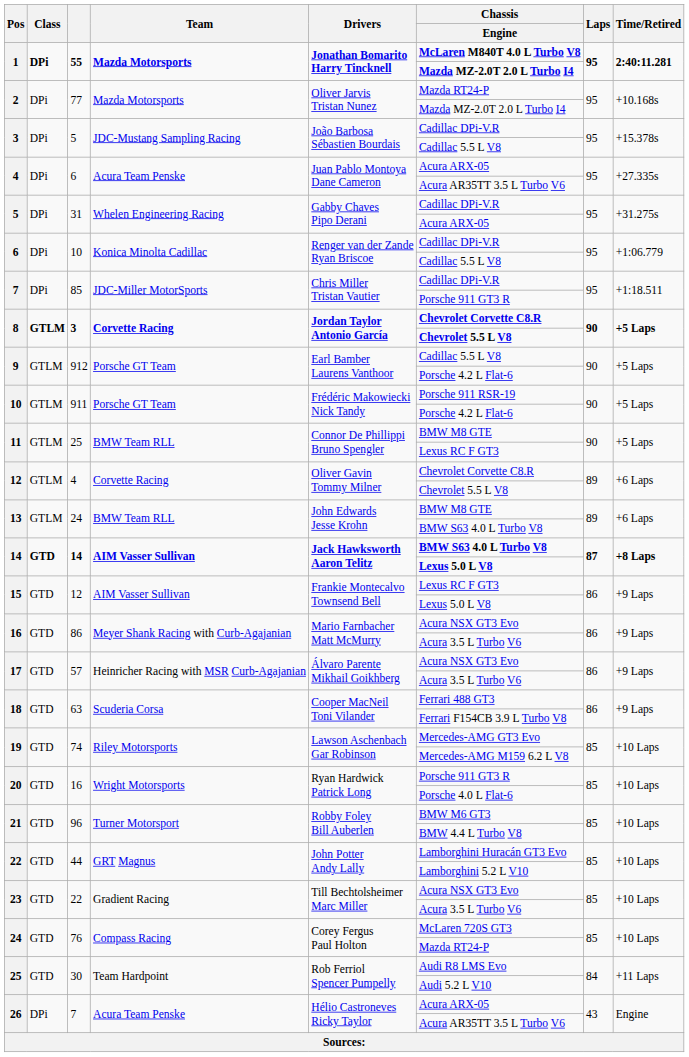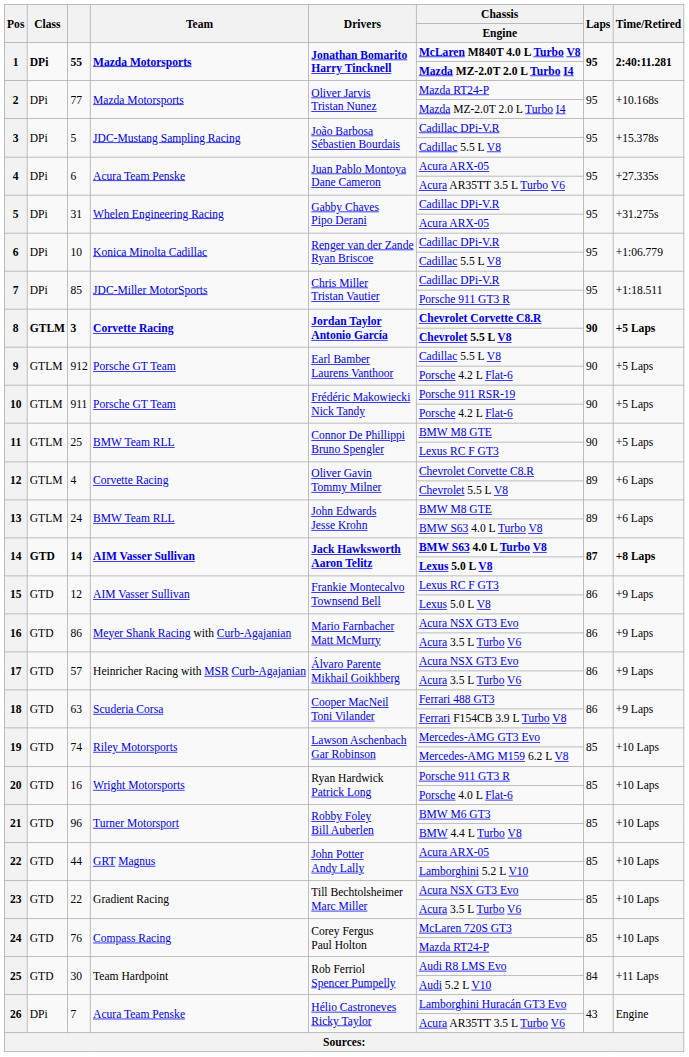 <table class="wikitable" style="font-size: 95%;">
 <tr>
 <th rowspan=2>Pos</th>
 <th rowspan=2>Class</th>
 <th rowspan=2></th>
 <th rowspan=2>Team</th>
 <th rowspan=2>Drivers</th>
 <th>Chassis</th>
 <th rowspan=2>Laps</th>
 <th rowspan=2>Time/Retired</th>
 </tr>
 <tr>
 <th>Engine</th>
 </tr>
 <tr style="font-weight:bold">
 <th rowspan=2>1</th>
 <td rowspan=2>DPi</td>
 <td rowspan=2>55</td>
 <td rowspan=2> <a href='#'>Mazda Motorsports</a></td>
 <td rowspan=2> <a href='#'>Jonathan Bomarito</a><br> <a href='#'>Harry Tincknell</a></td>
 <td><a href='#'>McLaren</a> M840T 4.0 L <a href='#'>Turbo</a> <a href='#'>V8</a></td>
 <td rowspan=2>95</td>
 <td rowspan=2>2:40:11.281</td>
 </tr>
 <tr style="font-weight:bold">
 <td><a href='#'>Mazda</a> MZ-2.0T 2.0 L <a href='#'>Turbo</a> <a href='#'>I4</a></td>
 </tr>
 <tr>
 <th rowspan=2>2</th>
 <td rowspan=2>DPi</td>
 <td rowspan=2>77</td>
 <td rowspan=2> <a href='#'>Mazda Motorsports</a></td>
 <td rowspan=2> <a href='#'>Oliver Jarvis</a><br> <a href='#'>Tristan Nunez</a></td>
 <td><a href='#'>Mazda RT24-P</a></td>
 <td rowspan=2>95</td>
 <td rowspan=2>+10.168s</td>
 </tr>
 <tr>
 <td><a href='#'>Mazda</a> MZ-2.0T 2.0 L <a href='#'>Turbo</a> <a href='#'>I4</a></td>
 </tr>
 <tr>
 <th rowspan=2>3</th>
 <td rowspan=2>DPi</td>
 <td rowspan=2>5</td>
 <td rowspan=2> <a href='#'>JDC-Mustang Sampling Racing</a></td>
 <td rowspan=2> <a href='#'>João Barbosa</a><br> <a href='#'>Sébastien Bourdais</a></td>
 <td><a href='#'>Cadillac DPi-V.R</a></td>
 <td rowspan=2>95</td>
 <td rowspan=2>+15.378s</td>
 </tr>
 <tr>
 <td><a href='#'>Cadillac</a> 5.5 L <a href='#'>V8</a></td>
 </tr>
 <tr>
 <th rowspan=2>4</th>
 <td rowspan=2>DPi</td>
 <td rowspan=2>6</td>
 <td rowspan=2> <a href='#'>Acura Team Penske</a></td>
 <td rowspan=2> <a href='#'>Juan Pablo Montoya</a><br> <a href='#'>Dane Cameron</a></td>
 <td><a href='#'>Acura ARX-05</a></td>
 <td rowspan=2>95</td>
 <td rowspan=2>+27.335s</td>
 </tr>
 <tr>
 <td><a href='#'>Acura</a> AR35TT 3.5 L <a href='#'>Turbo</a> <a href='#'>V6</a></td>
 </tr>
 <tr>
 <th rowspan=2>5</th>
 <td rowspan=2>DPi</td>
 <td rowspan=2>31</td>
 <td rowspan=2> <a href='#'>Whelen Engineering Racing</a></td>
 <td rowspan=2> <a href='#'>Gabby Chaves</a><br> <a href='#'>Pipo Derani</a></td>
 <td><a href='#'>Cadillac DPi-V.R</a></td>
 <td rowspan=2>95</td>
 <td rowspan=2>+31.275s</td>
 </tr>
 <tr>
 <td><a href='#'>Acura ARX-05</a></td>
 </tr>
 <tr>
 <th rowspan=2>6</th>
 <td rowspan=2>DPi</td>
 <td rowspan=2>10</td>
 <td rowspan=2> <a href='#'>Konica Minolta Cadillac</a></td>
 <td rowspan=2> <a href='#'>Renger van der Zande</a><br> <a href='#'>Ryan Briscoe</a></td>
 <td><a href='#'>Cadillac DPi-V.R</a></td>
 <td rowspan=2>95</td>
 <td rowspan=2>+1:06.779</td>
 </tr>
 <tr>
 <td><a href='#'>Cadillac</a> 5.5 L <a href='#'>V8</a></td>
 </tr>
 <tr>
 <th rowspan=2>7</th>
 <td rowspan=2>DPi</td>
 <td rowspan=2>85</td>
 <td rowspan=2> <a href='#'>JDC-Miller MotorSports</a></td>
 <td rowspan=2> <a href='#'>Chris Miller</a><br> <a href='#'>Tristan Vautier</a></td>
 <td><a href='#'>Cadillac DPi-V.R</a></td>
 <td rowspan=2>95</td>
 <td rowspan=2>+1:18.511</td>
 </tr>
 <tr>
 <td><a href='#'>Porsche 911 GT3 R</a></td>
 </tr>
 <tr style="font-weight:bold">
 <th rowspan=2>8</th>
 <td rowspan=2>GTLM</td>
 <td rowspan=2>3</td>
 <td rowspan=2> <a href='#'>Corvette Racing</a></td>
 <td rowspan=2> <a href='#'>Jordan Taylor</a><br> <a href='#'>Antonio García</a></td>
 <td><a href='#'>Chevrolet Corvette C8.R</a></td>
 <td rowspan=2>90</td>
 <td rowspan=2>+5 Laps</td>
 </tr>
 <tr style="font-weight:bold">
 <td><a href='#'>Chevrolet</a> 5.5 L <a href='#'>V8</a></td>
 </tr>
 <tr>
 <th rowspan=2>9</th>
 <td rowspan=2>GTLM</td>
 <td rowspan=2>912</td>
 <td rowspan=2> <a href='#'>Porsche GT Team</a></td>
 <td rowspan=2> <a href='#'>Earl Bamber</a><br> <a href='#'>Laurens Vanthoor</a></td>
 <td><a href='#'>Cadillac</a> 5.5 L <a href='#'>V8</a></td>
 <td rowspan=2>90</td>
 <td rowspan=2>+5 Laps</td>
 </tr>
 <tr>
 <td><a href='#'>Porsche</a> 4.2 L <a href='#'>Flat-6</a></td>
 </tr>
 <tr>
 <th rowspan=2>10</th>
 <td rowspan=2>GTLM</td>
 <td rowspan=2>911</td>
 <td rowspan=2> <a href='#'>Porsche GT Team</a></td>
 <td rowspan=2> <a href='#'>Frédéric Makowiecki</a><br> <a href='#'>Nick Tandy</a></td>
 <td><a href='#'>Porsche 911 RSR-19</a></td>
 <td rowspan=2>90</td>
 <td rowspan=2>+5 Laps</td>
 </tr>
 <tr>
 <td><a href='#'>Porsche</a> 4.2 L <a href='#'>Flat-6</a></td>
 </tr>
 <tr>
 <th rowspan=2>11</th>
 <td rowspan=2>GTLM</td>
 <td rowspan=2>25</td>
 <td rowspan=2> <a href='#'>BMW Team RLL</a></td>
 <td rowspan=2> <a href='#'>Connor De Phillippi</a><br> <a href='#'>Bruno Spengler</a></td>
 <td><a href='#'>BMW M8 GTE</a></td>
 <td rowspan=2>90</td>
 <td rowspan=2>+5 Laps</td>
 </tr>
 <tr>
 <td><a href='#'>Lexus RC F GT3</a></td>
 </tr>
 <tr>
 <th rowspan=2>12</th>
 <td rowspan=2>GTLM</td>
 <td rowspan=2>4</td>
 <td rowspan=2> <a href='#'>Corvette Racing</a></td>
 <td rowspan=2> <a href='#'>Oliver Gavin</a><br> <a href='#'>Tommy Milner</a></td>
 <td><a href='#'>Chevrolet Corvette C8.R</a></td>
 <td rowspan=2>89</td>
 <td rowspan=2>+6 Laps</td>
 </tr>
 <tr>
 <td><a href='#'>Chevrolet</a> 5.5 L <a href='#'>V8</a></td>
 </tr>
 <tr>
 <th rowspan=2>13</th>
 <td rowspan=2>GTLM</td>
 <td rowspan=2>24</td>
 <td rowspan=2> <a href='#'>BMW Team RLL</a></td>
 <td rowspan=2> <a href='#'>John Edwards</a><br> <a href='#'>Jesse Krohn</a></td>
 <td><a href='#'>BMW M8 GTE</a></td>
 <td rowspan=2>89</td>
 <td rowspan=2>+6 Laps</td>
 </tr>
 <tr>
 <td><a href='#'>BMW S63</a> 4.0 L <a href='#'>Turbo</a> <a href='#'>V8</a></td>
 </tr>
 <tr style="font-weight:bold">
 <th rowspan=2>14</th>
 <td rowspan=2>GTD</td>
 <td rowspan=2>14</td>
 <td rowspan=2> <a href='#'>AIM Vasser Sullivan</a></td>
 <td rowspan=2> <a href='#'>Jack Hawksworth</a><br> <a href='#'>Aaron Telitz</a></td>
 <td><a href='#'>BMW S63</a> 4.0 L <a href='#'>Turbo</a> <a href='#'>V8</a></td>
 <td rowspan=2>87</td>
 <td rowspan=2>+8 Laps</td>
 </tr>
 <tr style="font-weight:bold">
 <td><a href='#'>Lexus</a> 5.0 L <a href='#'>V8</a></td>
 </tr>
 <tr>
 <th rowspan=2>15</th>
 <td rowspan=2>GTD</td>
 <td rowspan=2>12</td>
 <td rowspan=2> <a href='#'>AIM Vasser Sullivan</a></td>
 <td rowspan=2> <a href='#'>Frankie Montecalvo</a><br> <a href='#'>Townsend Bell</a></td>
 <td><a href='#'>Lexus RC F GT3</a></td>
 <td rowspan=2>86</td>
 <td rowspan=2>+9 Laps</td>
 </tr>
 <tr>
 <td><a href='#'>Lexus</a> 5.0 L <a href='#'>V8</a></td>
 </tr>
 <tr>
 <th rowspan=2>16</th>
 <td rowspan=2>GTD</td>
 <td rowspan=2>86</td>
 <td rowspan=2> <a href='#'>Meyer Shank Racing</a> with <a href='#'>Curb-Agajanian</a></td>
 <td rowspan=2> <a href='#'>Mario Farnbacher</a><br> <a href='#'>Matt McMurry</a></td>
 <td><a href='#'>Acura NSX GT3 Evo</a></td>
 <td rowspan=2>86</td>
 <td rowspan=2>+9 Laps</td>
 </tr>
 <tr>
 <td><a href='#'>Acura</a> 3.5 L <a href='#'>Turbo</a> <a href='#'>V6</a></td>
 </tr>
 <tr>
 <th rowspan=2>17</th>
 <td rowspan=2>GTD</td>
 <td rowspan=2>57</td>
 <td rowspan=2> Heinricher Racing with <a href='#'>MSR</a> <a href='#'>Curb-Agajanian</a></td>
 <td rowspan=2> <a href='#'>Álvaro Parente</a><br> <a href='#'>Mikhail Goikhberg</a></td>
 <td><a href='#'>Acura NSX GT3 Evo</a></td>
 <td rowspan=2>86</td>
 <td rowspan=2>+9 Laps</td>
 </tr>
 <tr>
 <td><a href='#'>Acura</a> 3.5 L <a href='#'>Turbo</a> <a href='#'>V6</a></td>
 </tr>
 <tr>
 <th rowspan=2>18</th>
 <td rowspan=2>GTD</td>
 <td rowspan=2>63</td>
 <td rowspan=2> <a href='#'>Scuderia Corsa</a></td>
 <td rowspan=2> <a href='#'>Cooper MacNeil</a><br> <a href='#'>Toni Vilander</a></td>
 <td><a href='#'>Ferrari 488 GT3</a></td>
 <td rowspan=2>86</td>
 <td rowspan=2>+9 Laps</td>
 </tr>
 <tr>
 <td><a href='#'>Ferrari</a> F154CB 3.9 L <a href='#'>Turbo</a> <a href='#'>V8</a></td>
 </tr>
 <tr>
 <th rowspan=2>19</th>
 <td rowspan=2>GTD</td>
 <td rowspan=2>74</td>
 <td rowspan=2> <a href='#'>Riley Motorsports</a></td>
 <td rowspan=2> <a href='#'>Lawson Aschenbach</a><br> <a href='#'>Gar Robinson</a></td>
 <td><a href='#'>Mercedes-AMG GT3 Evo</a></td>
 <td rowspan=2>85</td>
 <td rowspan=2>+10 Laps</td>
 </tr>
 <tr>
 <td><a href='#'>Mercedes-AMG M159</a> 6.2 L <a href='#'>V8</a></td>
 </tr>
 <tr>
 <th rowspan=2>20</th>
 <td rowspan=2>GTD</td>
 <td rowspan=2>16</td>
 <td rowspan=2> <a href='#'>Wright Motorsports</a></td>
 <td rowspan=2> Ryan Hardwick<br> <a href='#'>Patrick Long</a></td>
 <td><a href='#'>Porsche 911 GT3 R</a></td>
 <td rowspan=2>85</td>
 <td rowspan=2>+10 Laps</td>
 </tr>
 <tr>
 <td><a href='#'>Porsche</a> 4.0 L <a href='#'>Flat-6</a></td>
 </tr>
 <tr>
 <th rowspan=2>21</th>
 <td rowspan=2>GTD</td>
 <td rowspan=2>96</td>
 <td rowspan=2> <a href='#'>Turner Motorsport</a></td>
 <td rowspan=2> <a href='#'>Robby Foley</a><br> <a href='#'>Bill Auberlen</a></td>
 <td><a href='#'>BMW M6 GT3</a></td>
 <td rowspan=2>85</td>
 <td rowspan=2>+10 Laps</td>
 </tr>
 <tr>
 <td><a href='#'>BMW</a> 4.4 L <a href='#'>Turbo</a> <a href='#'>V8</a></td>
 </tr>
 <tr>
 <th rowspan=2>22</th>
 <td rowspan=2>GTD</td>
 <td rowspan=2>44</td>
 <td rowspan=2> <a href='#'>GRT</a> <a href='#'>Magnus</a></td>
 <td rowspan=2> <a href='#'>John Potter</a><br> <a href='#'>Andy Lally</a></td>
-<td><a href='#'>Lamborghini Huracán GT3 Evo</a></td>
+<td><a href='#'>Acura ARX-05</a></td>
 <td rowspan=2>85</td>
 <td rowspan=2>+10 Laps</td>
 </tr>
 <tr>
 <td><a href='#'>Lamborghini</a> 5.2 L <a href='#'>V10</a></td>
 </tr>
 <tr>
 <th rowspan=2>23</th>
 <td rowspan=2>GTD</td>
 <td rowspan=2>22</td>
 <td rowspan=2> Gradient Racing</td>
 <td rowspan=2> Till Bechtolsheimer<br> <a href='#'>Marc Miller</a></td>
 <td><a href='#'>Acura NSX GT3 Evo</a></td>
 <td rowspan=2>85</td>
 <td rowspan=2>+10 Laps</td>
 </tr>
 <tr>
 <td><a href='#'>Acura</a> 3.5 L <a href='#'>Turbo</a> <a href='#'>V6</a></td>
 </tr>
 <tr>
 <th rowspan=2>24</th>
 <td rowspan=2>GTD</td>
 <td rowspan=2>76</td>
 <td rowspan=2> <a href='#'>Compass Racing</a></td>
 <td rowspan=2> Corey Fergus<br> Paul Holton</td>
 <td><a href='#'>McLaren 720S GT3</a></td>
 <td rowspan=2>85</td>
 <td rowspan=2>+10 Laps</td>
 </tr>
 <tr>
 <td><a href='#'>Mazda RT24-P</a></td>
 </tr>
 <tr>
 <th rowspan=2>25</th>
 <td rowspan=2>GTD</td>
 <td rowspan=2>30</td>
 <td rowspan=2> Team Hardpoint</td>
 <td rowspan=2> Rob Ferriol<br> <a href='#'>Spencer Pumpelly</a></td>
 <td><a href='#'>Audi R8 LMS Evo</a></td>
 <td rowspan=2>84</td>
 <td rowspan=2>+11 Laps</td>
 </tr>
 <tr>
 <td><a href='#'>Audi</a> 5.2 L <a href='#'>V10</a></td>
 </tr>
 <tr>
 <th rowspan=2>26</th>
 <td rowspan=2>DPi</td>
 <td rowspan=2>7</td>
 <td rowspan=2> <a href='#'>Acura Team Penske</a></td>
 <td rowspan=2> <a href='#'>Hélio Castroneves</a><br> <a href='#'>Ricky Taylor</a></td>
-<td><a href='#'>Acura ARX-05</a></td>
+<td><a href='#'>Lamborghini Huracán GT3 Evo</a></td>
 <td rowspan=2>43</td>
 <td rowspan=2>Engine</td>
 </tr>
 <tr>
 <td><a href='#'>Acura</a> AR35TT 3.5 L <a href='#'>Turbo</a> <a href='#'>V6</a></td>
 </tr>
 <tr>
 <th colspan=8>Sources:</th>
 </tr>
 </table>
